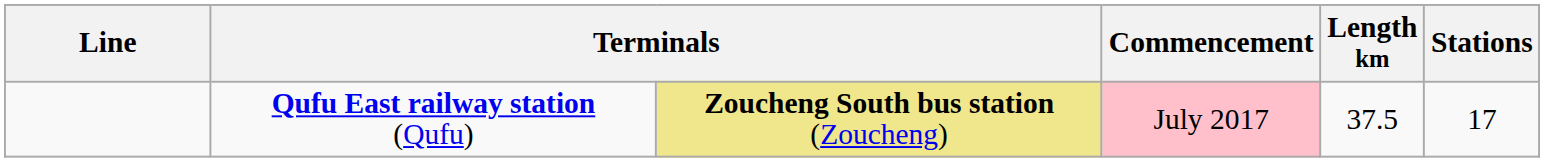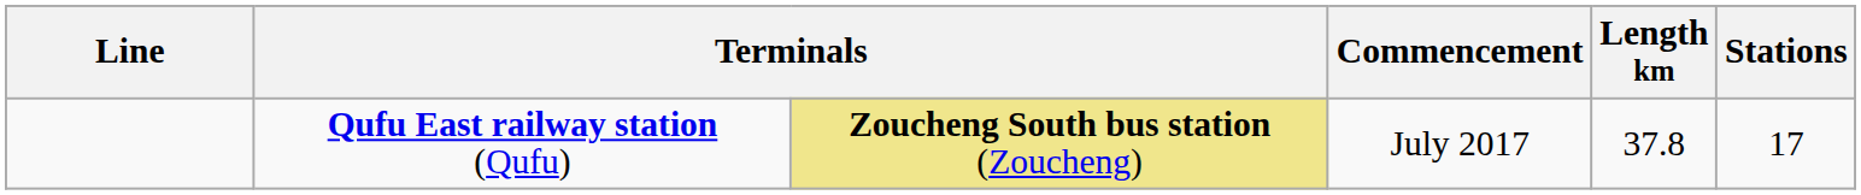 <table class="wikitable sortable" style="cell-padding:1.5; font-size:96%; text-align:center;">
 <tr>
 <th data-sort-type="text" style="width:100px;">Line</th>
 <th colspan="2" class="unsortable" style="width:400px; line-height:1.05">Terminals</th>
 <th>Commencement</th>
 <th style="line-height:1.05">Length<br><small>km</small></th>
 <th style="line-height:1.05">Stations</th>
 </tr>
 <tr>
 <td style="text-align:center; line-height:1.05"></td>
 <td style="text-align:center; width:225px; line-height:1.05"><strong><a href='#'>Qufu East railway station</a></strong><br>(<a href='#'>Qufu</a>)</td>
 <td style="background: khaki; text-align:center; width:225px; line-height:1.05"><strong>Zoucheng South bus station</strong><br>(<a href='#'>Zoucheng</a>)</td>
-<td style="background: pink; text-align:center; line-height:1.05">July 2017</td>
-<td style="text-align:center; line-height:1.05">37.5</td>
+<td style="text-align:center; line-height:1.05">July 2017</td>
+<td style="text-align:center; line-height:1.05">37.8</td>
 <td style="text-align:center; line-height:1.05">17</td>
 </tr>
 </table>
